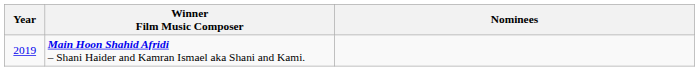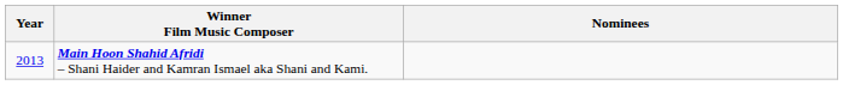 <table class="wikitable">
 <tr>
 <th width="50">Year</th>
 <th style="width:400px;">Winner<br> Film Music Composer</th>
 <th style="width:500px;">Nominees</th>
 </tr>
 <tr>
-<td style="text-align:center;"><a href='#'>2019</a></td>
+<td style="text-align:center;"><a href='#'>2013</a></td>
 <td><strong><em><a href='#'>Main Hoon Shahid Afridi</a></em></strong><br>– Shani Haider and Kamran Ismael aka Shani and Kami.</td>
 <td></td>
 </tr>
 </table>
